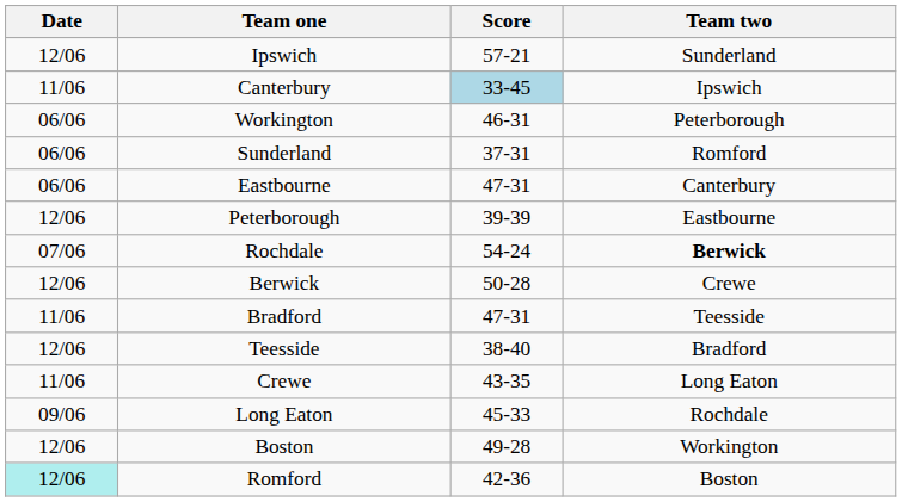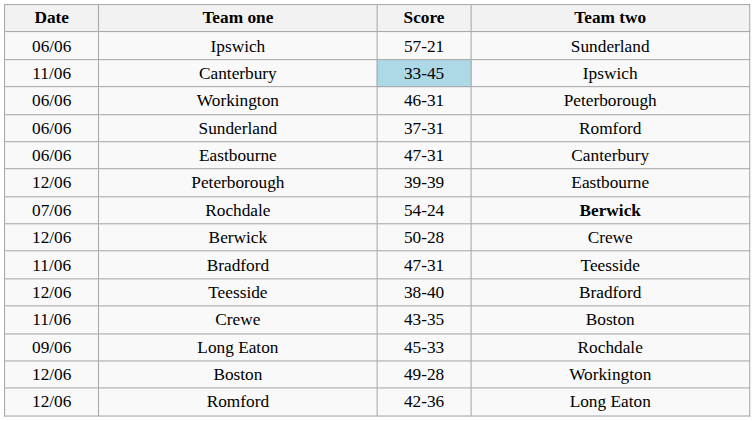 <table class="wikitable" style="text-align: center">
 <tr>
 <th width=80>Date</th>
 <th width=250>Team one</th>
 <th width=80>Score</th>
 <th width=250>Team two</th>
 </tr>
 <tr>
-<td>12/06</td>
+<td>06/06</td>
 <td>Ipswich</td>
 <td>57-21</td>
 <td>Sunderland</td>
 </tr>
 <tr>
 <td>11/06</td>
 <td>Canterbury</td>
 <td style="background: lightblue;">33-45</td>
 <td>Ipswich</td>
 </tr>
 <tr>
 <td>06/06</td>
 <td>Workington</td>
 <td>46-31</td>
 <td>Peterborough</td>
 </tr>
 <tr>
 <td>06/06</td>
 <td>Sunderland</td>
 <td>37-31</td>
 <td>Romford</td>
 </tr>
 <tr>
 <td>06/06</td>
 <td>Eastbourne</td>
 <td>47-31</td>
 <td>Canterbury</td>
 </tr>
 <tr>
 <td>12/06</td>
 <td>Peterborough</td>
 <td>39-39</td>
 <td>Eastbourne</td>
 </tr>
 <tr>
 <td>07/06</td>
 <td>Rochdale</td>
 <td>54-24</td>
 <td><strong>Berwick</strong></td>
 </tr>
 <tr>
 <td>12/06</td>
 <td>Berwick</td>
 <td>50-28</td>
 <td>Crewe</td>
 </tr>
 <tr>
 <td>11/06</td>
 <td>Bradford</td>
 <td>47-31</td>
 <td>Teesside</td>
 </tr>
 <tr>
 <td>12/06</td>
 <td>Teesside</td>
 <td>38-40</td>
 <td>Bradford</td>
 </tr>
 <tr>
 <td>11/06</td>
 <td>Crewe</td>
 <td>43-35</td>
-<td>Long Eaton</td>
+<td>Boston</td>
 </tr>
 <tr>
 <td>09/06</td>
 <td>Long Eaton</td>
 <td>45-33</td>
 <td>Rochdale</td>
 </tr>
 <tr>
 <td>12/06</td>
 <td>Boston</td>
 <td>49-28</td>
 <td>Workington</td>
 </tr>
 <tr>
-<td style="background: paleturquoise;">12/06</td>
+<td>12/06</td>
 <td>Romford</td>
 <td>42-36</td>
-<td>Boston</td>
+<td>Long Eaton</td>
 </tr>
 </table>
